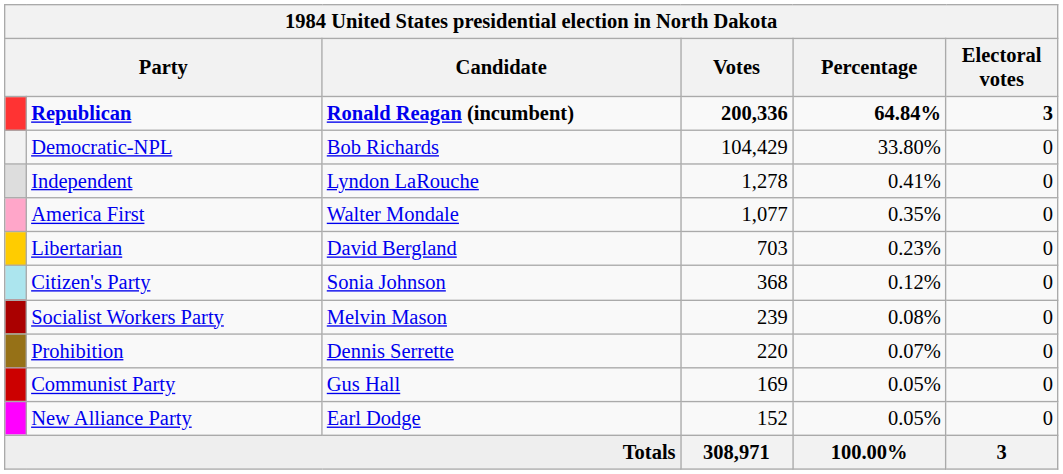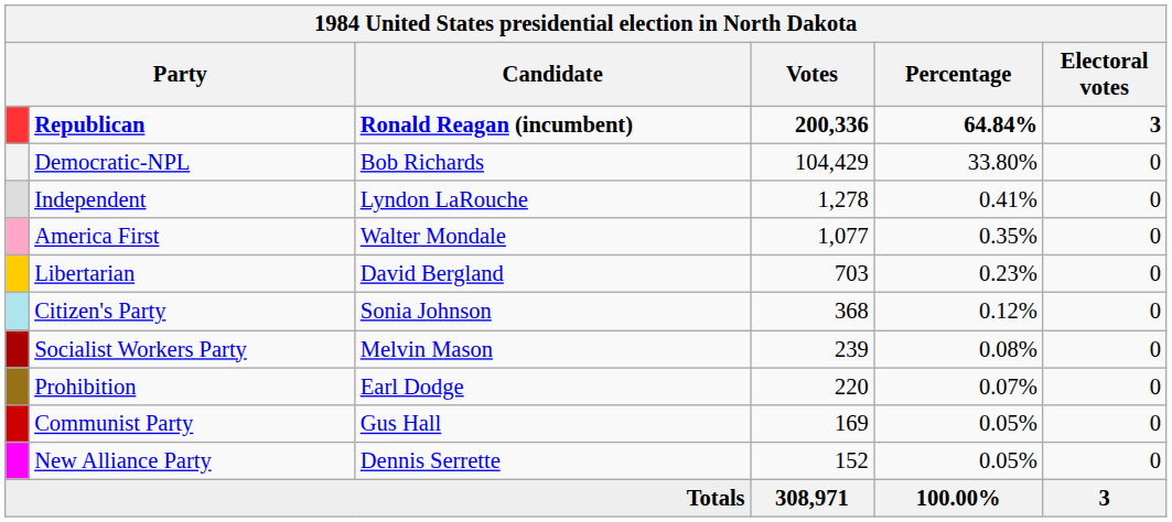 <table class="wikitable" style="font-size: 95%;">
 <tr>
 <th colspan="6">1984 United States presidential election in North Dakota</th>
 </tr>
 <tr>
 <th colspan="2" style="width: 15em">Party</th>
 <th style="width: 17em">Candidate</th>
 <th style="width: 5em">Votes</th>
 <th style="width: 7em">Percentage</th>
 <th style="width: 5em">Electoral votes</th>
 </tr>
 <tr>
 <th style="background:#FF3333; width:3px;"></th>
 <td style="width: 130px"><strong><a href='#'>Republican</a></strong></td>
 <td><strong><a href='#'>Ronald Reagan</a> (incumbent)</strong></td>
 <td style="text-align:right;"><strong>200,336</strong></td>
 <td style="text-align:right;"><strong>64.84%</strong></td>
 <td style="text-align:right;"><strong>3</strong></td>
 </tr>
 <tr>
 <th style="background:"></th>
 <td style="width: 130px"><a href='#'>Democratic-NPL</a></td>
 <td><a href='#'>Bob Richards</a></td>
 <td style="text-align:right;">104,429</td>
 <td style="text-align:right;">33.80%</td>
 <td style="text-align:right;">0</td>
 </tr>
 <tr>
 <th style="background:#DDDDDD; width:3px;"></th>
 <td style="width: 130px"><a href='#'>Independent</a></td>
 <td><a href='#'>Lyndon LaRouche</a></td>
 <td style="text-align:right;">1,278</td>
 <td style="text-align:right;">0.41%</td>
 <td style="text-align:right;">0</td>
 </tr>
 <tr>
 <th style="background:#FFA6C9; width:3px;"></th>
 <td style="width: 130px"><a href='#'>America First</a></td>
 <td><a href='#'>Walter Mondale</a></td>
 <td style="text-align:right;">1,077</td>
 <td style="text-align:right;">0.35%</td>
 <td style="text-align:right;">0</td>
 </tr>
 <tr>
 <th style="background:#FFCC00; width:3px;"></th>
 <td style="width: 130px"><a href='#'>Libertarian</a></td>
 <td><a href='#'>David Bergland</a></td>
 <td style="text-align:right;">703</td>
 <td style="text-align:right;">0.23%</td>
 <td style="text-align:right;">0</td>
 </tr>
 <tr>
 <th style="background: #ACE5EE; width:3px;"></th>
 <td style="width: 130px"><a href='#'>Citizen's Party</a></td>
 <td><a href='#'>Sonia Johnson</a></td>
 <td style="text-align:right;">368</td>
 <td style="text-align:right;">0.12%</td>
 <td style="text-align:right;">0</td>
 </tr>
 <tr>
 <th style="background: #aa0000; width:3px;"></th>
 <td style="width: 130px"><a href='#'>Socialist Workers Party</a></td>
 <td><a href='#'>Melvin Mason</a></td>
 <td style="text-align:right;">239</td>
 <td style="text-align:right;">0.08%</td>
 <td style="text-align:right;">0</td>
 </tr>
 <tr>
 <th style="background:#967117; width:3px;"></th>
 <td style="width: 130px"><a href='#'>Prohibition</a></td>
-<td><a href='#'>Dennis Serrette</a></td>
+<td><a href='#'>Earl Dodge</a></td>
 <td style="text-align:right;">220</td>
 <td style="text-align:right;">0.07%</td>
 <td style="text-align:right;">0</td>
 </tr>
 <tr>
 <th style="background:#c00; width:3px;"></th>
 <td style="width: 130px"><a href='#'>Communist Party</a></td>
 <td><a href='#'>Gus Hall</a></td>
 <td style="text-align:right;">169</td>
 <td style="text-align:right;">0.05%</td>
 <td style="text-align:right;">0</td>
 </tr>
 <tr>
 <th style="background: #FF00FF; width:3px;"></th>
 <td style="width: 130px"><a href='#'>New Alliance Party</a></td>
-<td><a href='#'>Earl Dodge</a></td>
+<td><a href='#'>Dennis Serrette</a></td>
 <td style="text-align:right;">152</td>
 <td style="text-align:right;">0.05%</td>
 <td style="text-align:right;">0</td>
 </tr>
 <tr style="background:#eee; text-align:right;">
 <td colspan="3"><strong>Totals</strong></td>
 <th><strong>308,971</strong></th>
 <th><strong>100.00%</strong></th>
 <th><strong>3</strong></th>
 </tr>
 </table>
